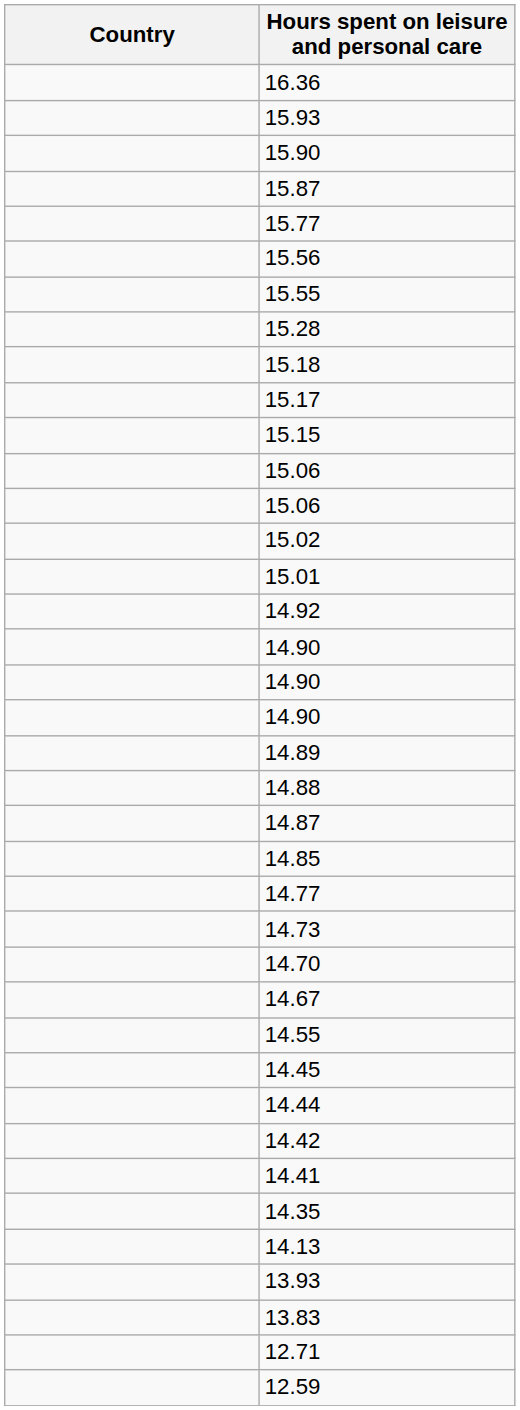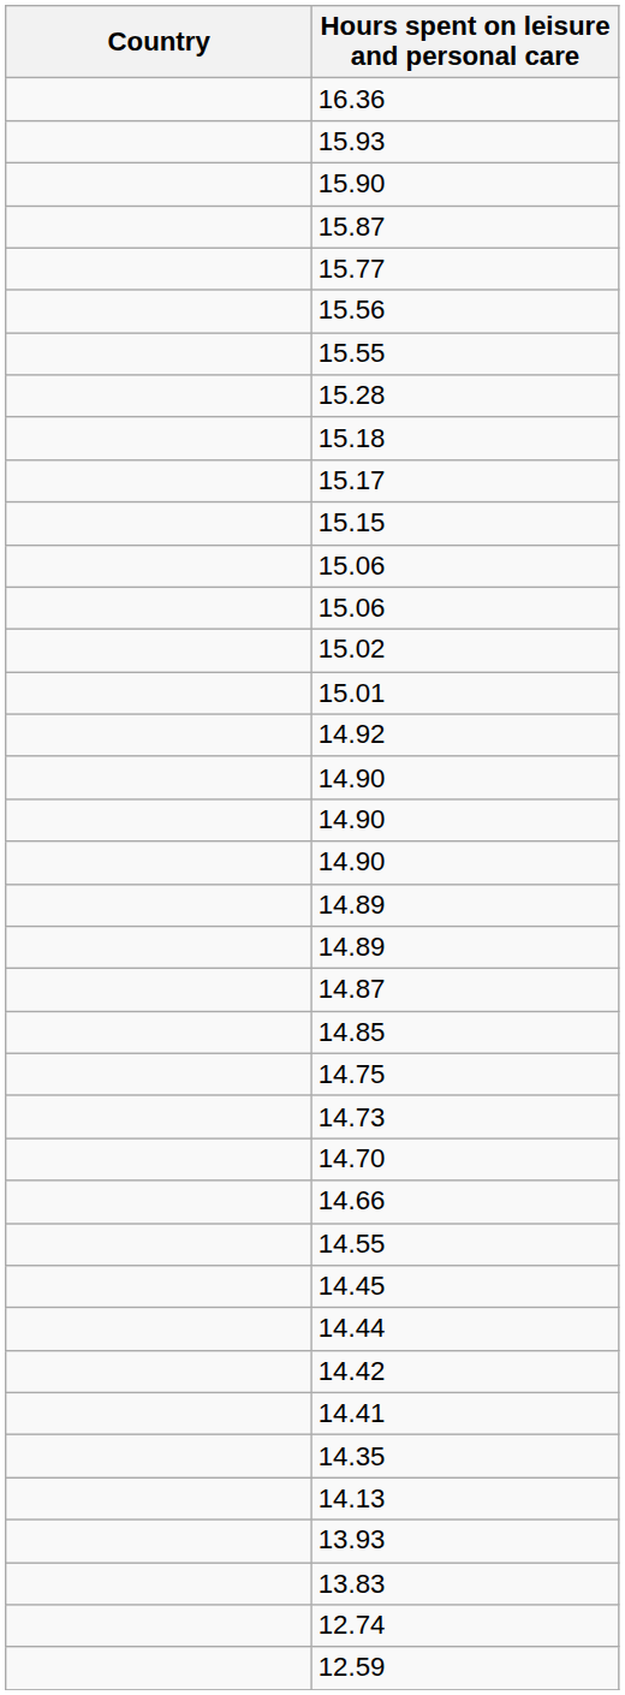 <table class="wikitable sortable static-row-numbers col2center">
 <tr>
 <th style=width:11em>Country</th>
 <th style=width:11em>Hours spent on leisure and personal care</th>
 </tr>
 <tr>
 <td></td>
 <td>16.36</td>
 </tr>
 <tr>
 <td></td>
 <td>15.93</td>
 </tr>
 <tr>
 <td></td>
 <td>15.90</td>
 </tr>
 <tr>
 <td></td>
 <td>15.87</td>
 </tr>
 <tr>
 <td></td>
 <td>15.77</td>
 </tr>
 <tr>
 <td></td>
 <td>15.56</td>
 </tr>
 <tr>
 <td></td>
 <td>15.55</td>
 </tr>
 <tr>
 <td></td>
 <td>15.28</td>
 </tr>
 <tr>
 <td></td>
 <td>15.18</td>
 </tr>
 <tr>
 <td></td>
 <td>15.17</td>
 </tr>
 <tr>
 <td></td>
 <td>15.15</td>
 </tr>
 <tr>
 <td></td>
 <td>15.06</td>
 </tr>
 <tr>
 <td></td>
 <td>15.06</td>
 </tr>
 <tr>
 <td></td>
 <td>15.02</td>
 </tr>
 <tr>
 <td></td>
 <td>15.01</td>
 </tr>
 <tr>
 <td></td>
 <td>14.92</td>
 </tr>
 <tr>
 <td></td>
 <td>14.90</td>
 </tr>
 <tr>
 <td></td>
 <td>14.90</td>
 </tr>
 <tr>
 <td></td>
 <td>14.90</td>
 </tr>
 <tr>
 <td></td>
 <td>14.89</td>
 </tr>
 <tr>
 <td></td>
-<td>14.88</td>
+<td>14.89</td>
 </tr>
 <tr>
 <td></td>
 <td>14.87</td>
 </tr>
 <tr>
 <td></td>
 <td>14.85</td>
 </tr>
 <tr>
 <td></td>
-<td>14.77</td>
+<td>14.75</td>
 </tr>
 <tr>
 <td></td>
 <td>14.73</td>
 </tr>
 <tr>
 <td></td>
 <td>14.70</td>
 </tr>
 <tr>
 <td></td>
-<td>14.67</td>
+<td>14.66</td>
 </tr>
 <tr>
 <td></td>
 <td>14.55</td>
 </tr>
 <tr>
 <td></td>
 <td>14.45</td>
 </tr>
 <tr>
 <td></td>
 <td>14.44</td>
 </tr>
 <tr>
 <td></td>
 <td>14.42</td>
 </tr>
 <tr>
 <td></td>
 <td>14.41</td>
 </tr>
 <tr>
 <td></td>
 <td>14.35</td>
 </tr>
 <tr>
 <td></td>
 <td>14.13</td>
 </tr>
 <tr>
 <td></td>
 <td>13.93</td>
 </tr>
 <tr>
 <td></td>
 <td>13.83</td>
 </tr>
 <tr>
 <td></td>
-<td>12.71</td>
+<td>12.74</td>
 </tr>
 <tr>
 <td></td>
 <td>12.59</td>
 </tr>
 </table>
